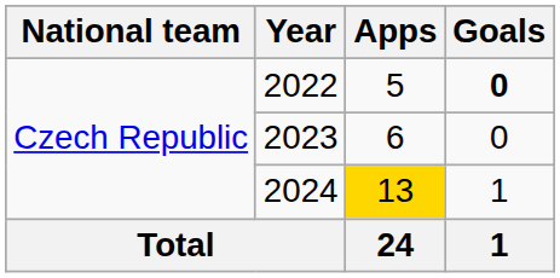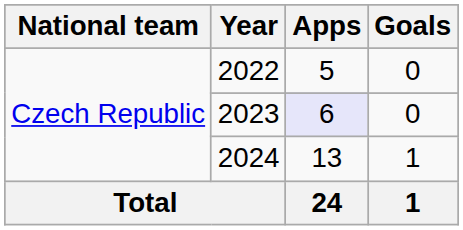 <table class="wikitable" style="text-align:center">
 <tr>
 <th>National team</th>
 <th>Year</th>
 <th>Apps</th>
 <th>Goals</th>
 </tr>
 <tr>
 <td rowspan="3"><a href='#'>Czech Republic</a></td>
 <td>2022</td>
 <td>5</td>
-<td><strong>0</strong></td>
+<td>0</td>
 </tr>
 <tr>
 <td>2023</td>
-<td>6</td>
+<td style="background: lavender;">6</td>
 <td>0</td>
 </tr>
 <tr>
 <td>2024</td>
-<td style="background: gold;">13</td>
+<td>13</td>
 <td>1</td>
 </tr>
 <tr>
 <th colspan="2">Total</th>
 <th>24</th>
 <th>1</th>
 </tr>
 </table>
